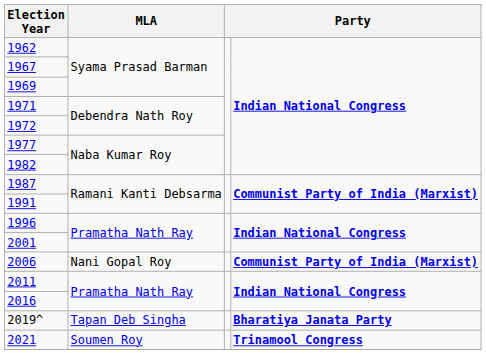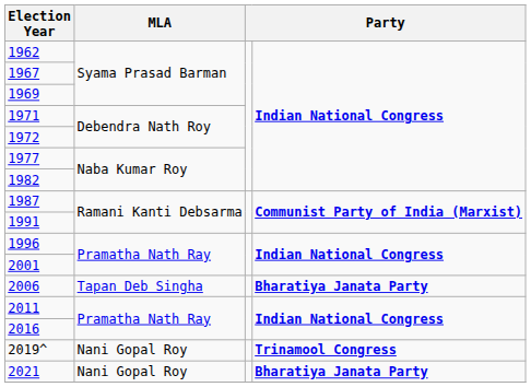 <table class="wikitable sortable">
 <tr>
 <th>Election<br> Year</th>
 <th>MLA</th>
 <th colspan="2">Party</th>
 </tr>
 <tr>
 <td><a href='#'>1962</a></td>
 <td rowspan="3">Syama Prasad Barman</td>
 <td rowspan="7" style="background-color: "></td>
 <td rowspan="7"><strong><a href='#'>Indian National Congress</a></strong></td>
 </tr>
 <tr>
 <td><a href='#'>1967</a></td>
 </tr>
 <tr>
 <td><a href='#'>1969</a></td>
 </tr>
 <tr>
 <td><a href='#'>1971</a></td>
 <td rowspan="2">Debendra Nath Roy</td>
 </tr>
 <tr>
 <td><a href='#'>1972</a></td>
 </tr>
 <tr>
 <td><a href='#'>1977</a></td>
 <td rowspan="2">Naba Kumar Roy</td>
 </tr>
 <tr>
 <td><a href='#'>1982</a></td>
 </tr>
 <tr>
 <td><a href='#'>1987</a></td>
 <td rowspan="2">Ramani Kanti Debsarma</td>
 <td rowspan="2" style="background-color: "></td>
 <td rowspan="2"><strong><a href='#'>Communist Party of India (Marxist)</a></strong></td>
 </tr>
 <tr>
 <td><a href='#'>1991</a></td>
 </tr>
 <tr>
 <td><a href='#'>1996</a></td>
 <td rowspan="2"><a href='#'>Pramatha Nath Ray </a></td>
 <td rowspan="2" style="background-color: "></td>
 <td rowspan="2"><strong><a href='#'>Indian National Congress</a></strong></td>
 </tr>
 <tr>
 <td><a href='#'>2001</a></td>
 </tr>
 <tr>
 <td><a href='#'>2006</a></td>
-<td rowspan="1">Nani Gopal Roy</td>
+<td rowspan="1"><a href='#'>Tapan Deb Singha</a></td>
 <td rowspan="1" style="background-color: "></td>
-<td rowspan="1"><strong><a href='#'>Communist Party of India (Marxist)</a></strong></td>
+<td rowspan="1"><strong><a href='#'>Bharatiya Janata Party</a></strong></td>
 </tr>
 <tr>
 <td><a href='#'>2011</a></td>
 <td rowspan="2"><a href='#'>Pramatha Nath Ray </a></td>
 <td rowspan="2" style="background-color: "></td>
 <td rowspan="2"><strong><a href='#'>Indian National Congress</a></strong></td>
 </tr>
 <tr>
 <td><a href='#'>2016</a></td>
 </tr>
 <tr>
 <td>2019^</td>
-<td rowspan="1"><a href='#'>Tapan Deb Singha</a></td>
+<td rowspan="1">Nani Gopal Roy</td>
+<td rowspan="1" style="background-color: "></td>
+<td rowspan="1"><strong><a href='#'>Trinamool Congress</a></strong></td>
+</tr>
+<tr>
+<td><a href='#'>2021</a></td>
+<td rowspan="1">Nani Gopal Roy</td>
 <td rowspan="1" style="background-color: "></td>
 <td rowspan="1"><strong><a href='#'>Bharatiya Janata Party</a></strong></td>
 </tr>
 <tr>
-<td><a href='#'>2021</a></td>
-<td rowspan="1"><a href='#'>Soumen Roy</a></td>
-<td rowspan="1" style="background-color: "></td>
-<td rowspan="1"><strong><a href='#'>Trinamool Congress</a></strong></td>
-</tr>
-<tr>
 </tr>
 </table>
